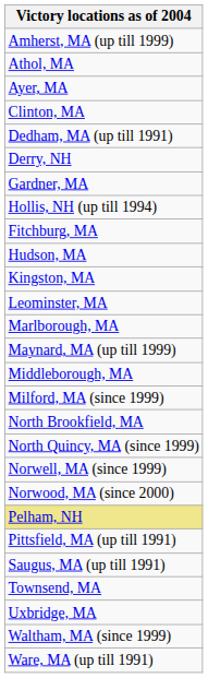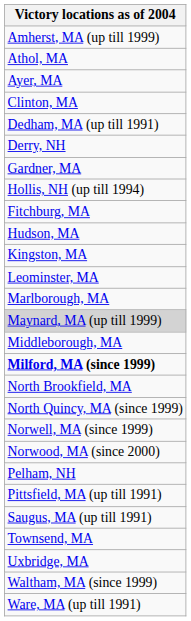 <table class="wikitable" border="1">
 <tr>
 <th>Victory locations as of 2004</th>
 </tr>
 <tr>
 <td><a href='#'>Amherst, MA</a> (up till 1999)</td>
 </tr>
 <tr>
 <td><a href='#'>Athol, MA</a></td>
 </tr>
 <tr>
 <td><a href='#'>Ayer, MA</a></td>
 </tr>
 <tr>
 <td><a href='#'>Clinton, MA</a></td>
 </tr>
 <tr>
 <td><a href='#'>Dedham, MA</a> (up till 1991)</td>
 </tr>
 <tr>
 <td><a href='#'>Derry, NH</a></td>
 </tr>
 <tr>
 <td><a href='#'>Gardner, MA</a></td>
 </tr>
 <tr>
 <td><a href='#'>Hollis, NH</a> (up till 1994)</td>
 </tr>
 <tr>
 <td><a href='#'>Fitchburg, MA</a></td>
 </tr>
 <tr>
 <td><a href='#'>Hudson, MA</a></td>
 </tr>
 <tr>
 <td><a href='#'>Kingston, MA</a></td>
 </tr>
 <tr>
 <td><a href='#'>Leominster, MA</a></td>
 </tr>
 <tr>
 <td><a href='#'>Marlborough, MA</a></td>
 </tr>
 <tr>
-<td><a href='#'>Maynard, MA</a> (up till 1999)</td>
+<td style="background: lightgrey;"><a href='#'>Maynard, MA</a> (up till 1999)</td>
 </tr>
 <tr>
 <td><a href='#'>Middleborough, MA</a></td>
 </tr>
 <tr>
-<td><a href='#'>Milford, MA</a> (since 1999)</td>
+<td><strong><a href='#'>Milford, MA</a> (since 1999)</strong></td>
 </tr>
 <tr>
 <td><a href='#'>North Brookfield, MA</a></td>
 </tr>
 <tr>
 <td><a href='#'>North Quincy, MA</a> (since 1999)</td>
 </tr>
 <tr>
 <td><a href='#'>Norwell, MA</a> (since 1999)</td>
 </tr>
 <tr>
 <td><a href='#'>Norwood, MA</a> (since 2000)</td>
 </tr>
 <tr>
-<td style="background: khaki;"><a href='#'>Pelham, NH</a></td>
+<td><a href='#'>Pelham, NH</a></td>
 </tr>
 <tr>
 <td><a href='#'>Pittsfield, MA</a> (up till 1991)</td>
 </tr>
 <tr>
 <td><a href='#'>Saugus, MA</a> (up till 1991)</td>
 </tr>
 <tr>
 <td><a href='#'>Townsend, MA</a></td>
 </tr>
 <tr>
 <td><a href='#'>Uxbridge, MA</a></td>
 </tr>
 <tr>
 <td><a href='#'>Waltham, MA</a> (since 1999)</td>
 </tr>
 <tr>
 <td><a href='#'>Ware, MA</a> (up till 1991)</td>
 </tr>
 </table>
